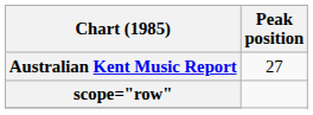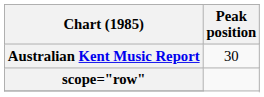 <table class="wikitable sortable plainrowheaders">
 <tr>
 <th>Chart (1985)</th>
 <th>Peak<br>position</th>
 </tr>
 <tr>
 <th scope="row">Australian <a href='#'>Kent Music Report</a></th>
-<td style="text-align:center;">27</td>
+<td style="text-align:center;">30</td>
 </tr>
 <tr>
 <th>scope="row" </th>
 </tr>
 <tr>
 </tr>
 </table>
